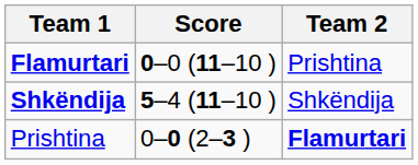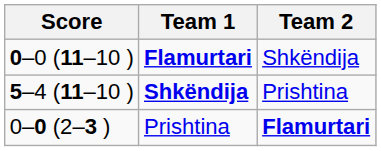 <table class="wikitable floatright">
 <tr>
+<th>Score</th>
 <th>Team 1</th>
-<th>Score</th>
 <th>Team 2</th>
 </tr>
 <tr>
+<td><strong>0</strong>–0 (<strong>11</strong>–10 )</td>
 <td><strong> <a href='#'>Flamurtari</a></strong></td>
-<td><strong>0</strong>–0 (<strong>11</strong>–10 )</td>
+<td> <a href='#'>Shkëndija</a></td>
+</tr>
+<tr>
+<td><strong>5</strong>–4 (<strong>11</strong>–10 )</td>
+<td><strong> <a href='#'>Shkëndija</a></strong></td>
 <td> <a href='#'>Prishtina</a></td>
 </tr>
 <tr>
-<td><strong> <a href='#'>Shkëndija</a></strong></td>
-<td><strong>5</strong>–4 (<strong>11</strong>–10 )</td>
-<td> <a href='#'>Shkëndija</a></td>
-</tr>
-<tr>
+<td>0–<strong>0</strong> (2–<strong>3</strong> )</td>
 <td> <a href='#'>Prishtina</a></td>
-<td>0–<strong>0</strong> (2–<strong>3</strong> )</td>
 <td><strong> <a href='#'>Flamurtari</a></strong></td>
 </tr>
 </table>
